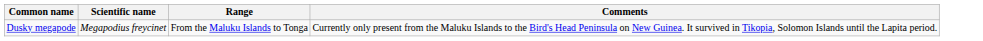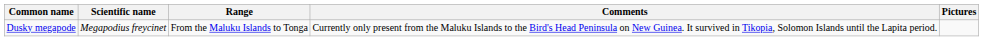 <table class="wikitable">
 <tr>
 <th>Common name</th>
 <th>Scientific name</th>
 <th>Range</th>
 <th class="unsortable">Comments</th>
+<th class="unsortable">Pictures</th>
 </tr>
 <tr>
 <td><a href='#'>Dusky megapode</a></td>
 <td><em>Megapodius freycinet</em></td>
 <td>From the <a href='#'>Maluku Islands</a> to Tonga</td>
 <td>Currently only present from the Maluku Islands to the <a href='#'>Bird's Head Peninsula</a> on <a href='#'>New Guinea</a>. It survived in <a href='#'>Tikopia</a>, Solomon Islands until the Lapita period.</td>
+<td></td>
 </tr>
 </table>
